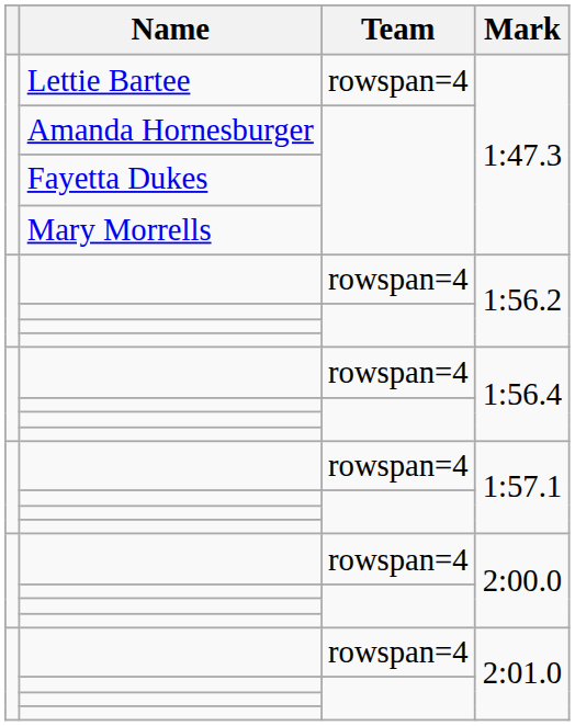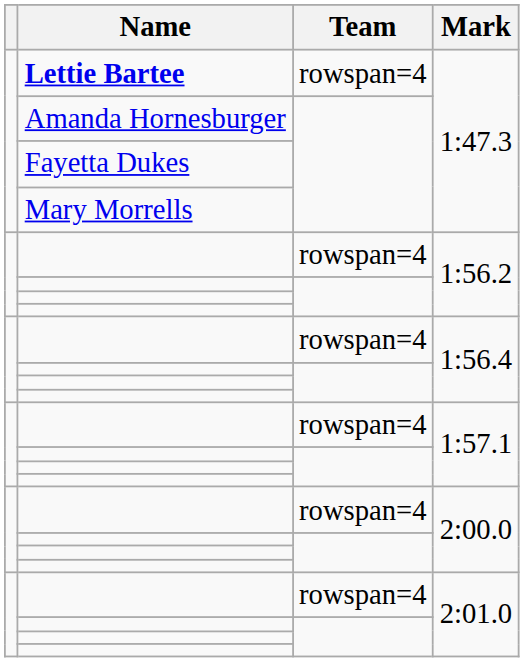 <table class=wikitable>
 <tr>
 <th></th>
 <th>Name</th>
 <th>Team</th>
 <th>Mark</th>
 </tr>
 <tr>
 <td rowspan=4></td>
-<td><a href='#'>Lettie Bartee</a></td>
+<td><strong><a href='#'>Lettie Bartee</a></strong></td>
 <td>rowspan=4 </td>
 <td rowspan=4>1:47.3</td>
 </tr>
 <tr>
 <td><a href='#'>Amanda Hornesburger</a></td>
 </tr>
 <tr>
 <td><a href='#'>Fayetta Dukes</a></td>
 </tr>
 <tr>
 <td><a href='#'>Mary Morrells</a></td>
 </tr>
 <tr>
 <td rowspan=4></td>
 <td></td>
 <td>rowspan=4 </td>
 <td rowspan=4>1:56.2</td>
 </tr>
 <tr>
 <td></td>
 </tr>
 <tr>
 <td></td>
 </tr>
 <tr>
 <td></td>
 </tr>
 <tr>
 <td rowspan=4></td>
 <td></td>
 <td>rowspan=4 </td>
 <td rowspan=4>1:56.4</td>
 </tr>
 <tr>
 <td></td>
 </tr>
 <tr>
 <td></td>
 </tr>
 <tr>
 <td></td>
 </tr>
 <tr>
 <td rowspan=4></td>
 <td></td>
 <td>rowspan=4 </td>
 <td rowspan=4>1:57.1</td>
 </tr>
 <tr>
 <td></td>
 </tr>
 <tr>
 <td></td>
 </tr>
 <tr>
 <td></td>
 </tr>
 <tr>
 <td rowspan=4></td>
 <td></td>
 <td>rowspan=4 </td>
 <td rowspan=4>2:00.0</td>
 </tr>
 <tr>
 <td></td>
 </tr>
 <tr>
 <td></td>
 </tr>
 <tr>
 <td></td>
 </tr>
 <tr>
 <td rowspan=4></td>
 <td></td>
 <td>rowspan=4 </td>
 <td rowspan=4>2:01.0</td>
 </tr>
 <tr>
 <td></td>
 </tr>
 <tr>
 <td></td>
 </tr>
 <tr>
 <td></td>
 </tr>
 </table>
